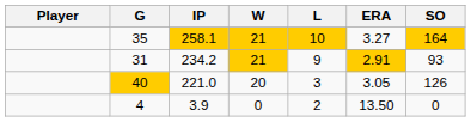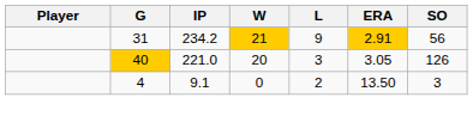 <table class="wikitable sortable">
 <tr>
 <th bgcolor="#DDDDFF" width="16%">Player</th>
 <th bgcolor="#DDDDFF" width="9%">G</th>
 <th bgcolor="#DDDDFF" width="9%">IP</th>
 <th bgcolor="#DDDDFF" width="9%">W</th>
 <th bgcolor="#DDDDFF" width="9%">L</th>
 <th bgcolor="#DDDDFF" width="9%">ERA</th>
 <th bgcolor="#DDDDFF" width="9%">SO</th>
 </tr>
 <tr align="center">
 <td></td>
-<td>35</td>
-<td style="background:#fc0;">258.1</td>
-<td style="background:#fc0;">21</td>
-<td style="background:#fc0;">10</td>
-<td>3.27</td>
-<td style="background:#fc0;">164</td>
-</tr>
-<tr align="center">
-<td></td>
 <td>31</td>
 <td>234.2</td>
 <td style="background:#fc0;">21</td>
 <td>9</td>
 <td style="background:#fc0;">2.91</td>
-<td>93</td>
+<td>56</td>
 </tr>
 <tr align="center">
 <td></td>
 <td style="background:#fc0;">40</td>
 <td>221.0</td>
 <td>20</td>
 <td>3</td>
 <td>3.05</td>
 <td>126</td>
 </tr>
 <tr align="center">
 <td></td>
 <td>4</td>
-<td>3.9</td>
+<td>9.1</td>
 <td>0</td>
 <td>2</td>
 <td>13.50</td>
-<td>0</td>
+<td>3</td>
 </tr>
 </table>
